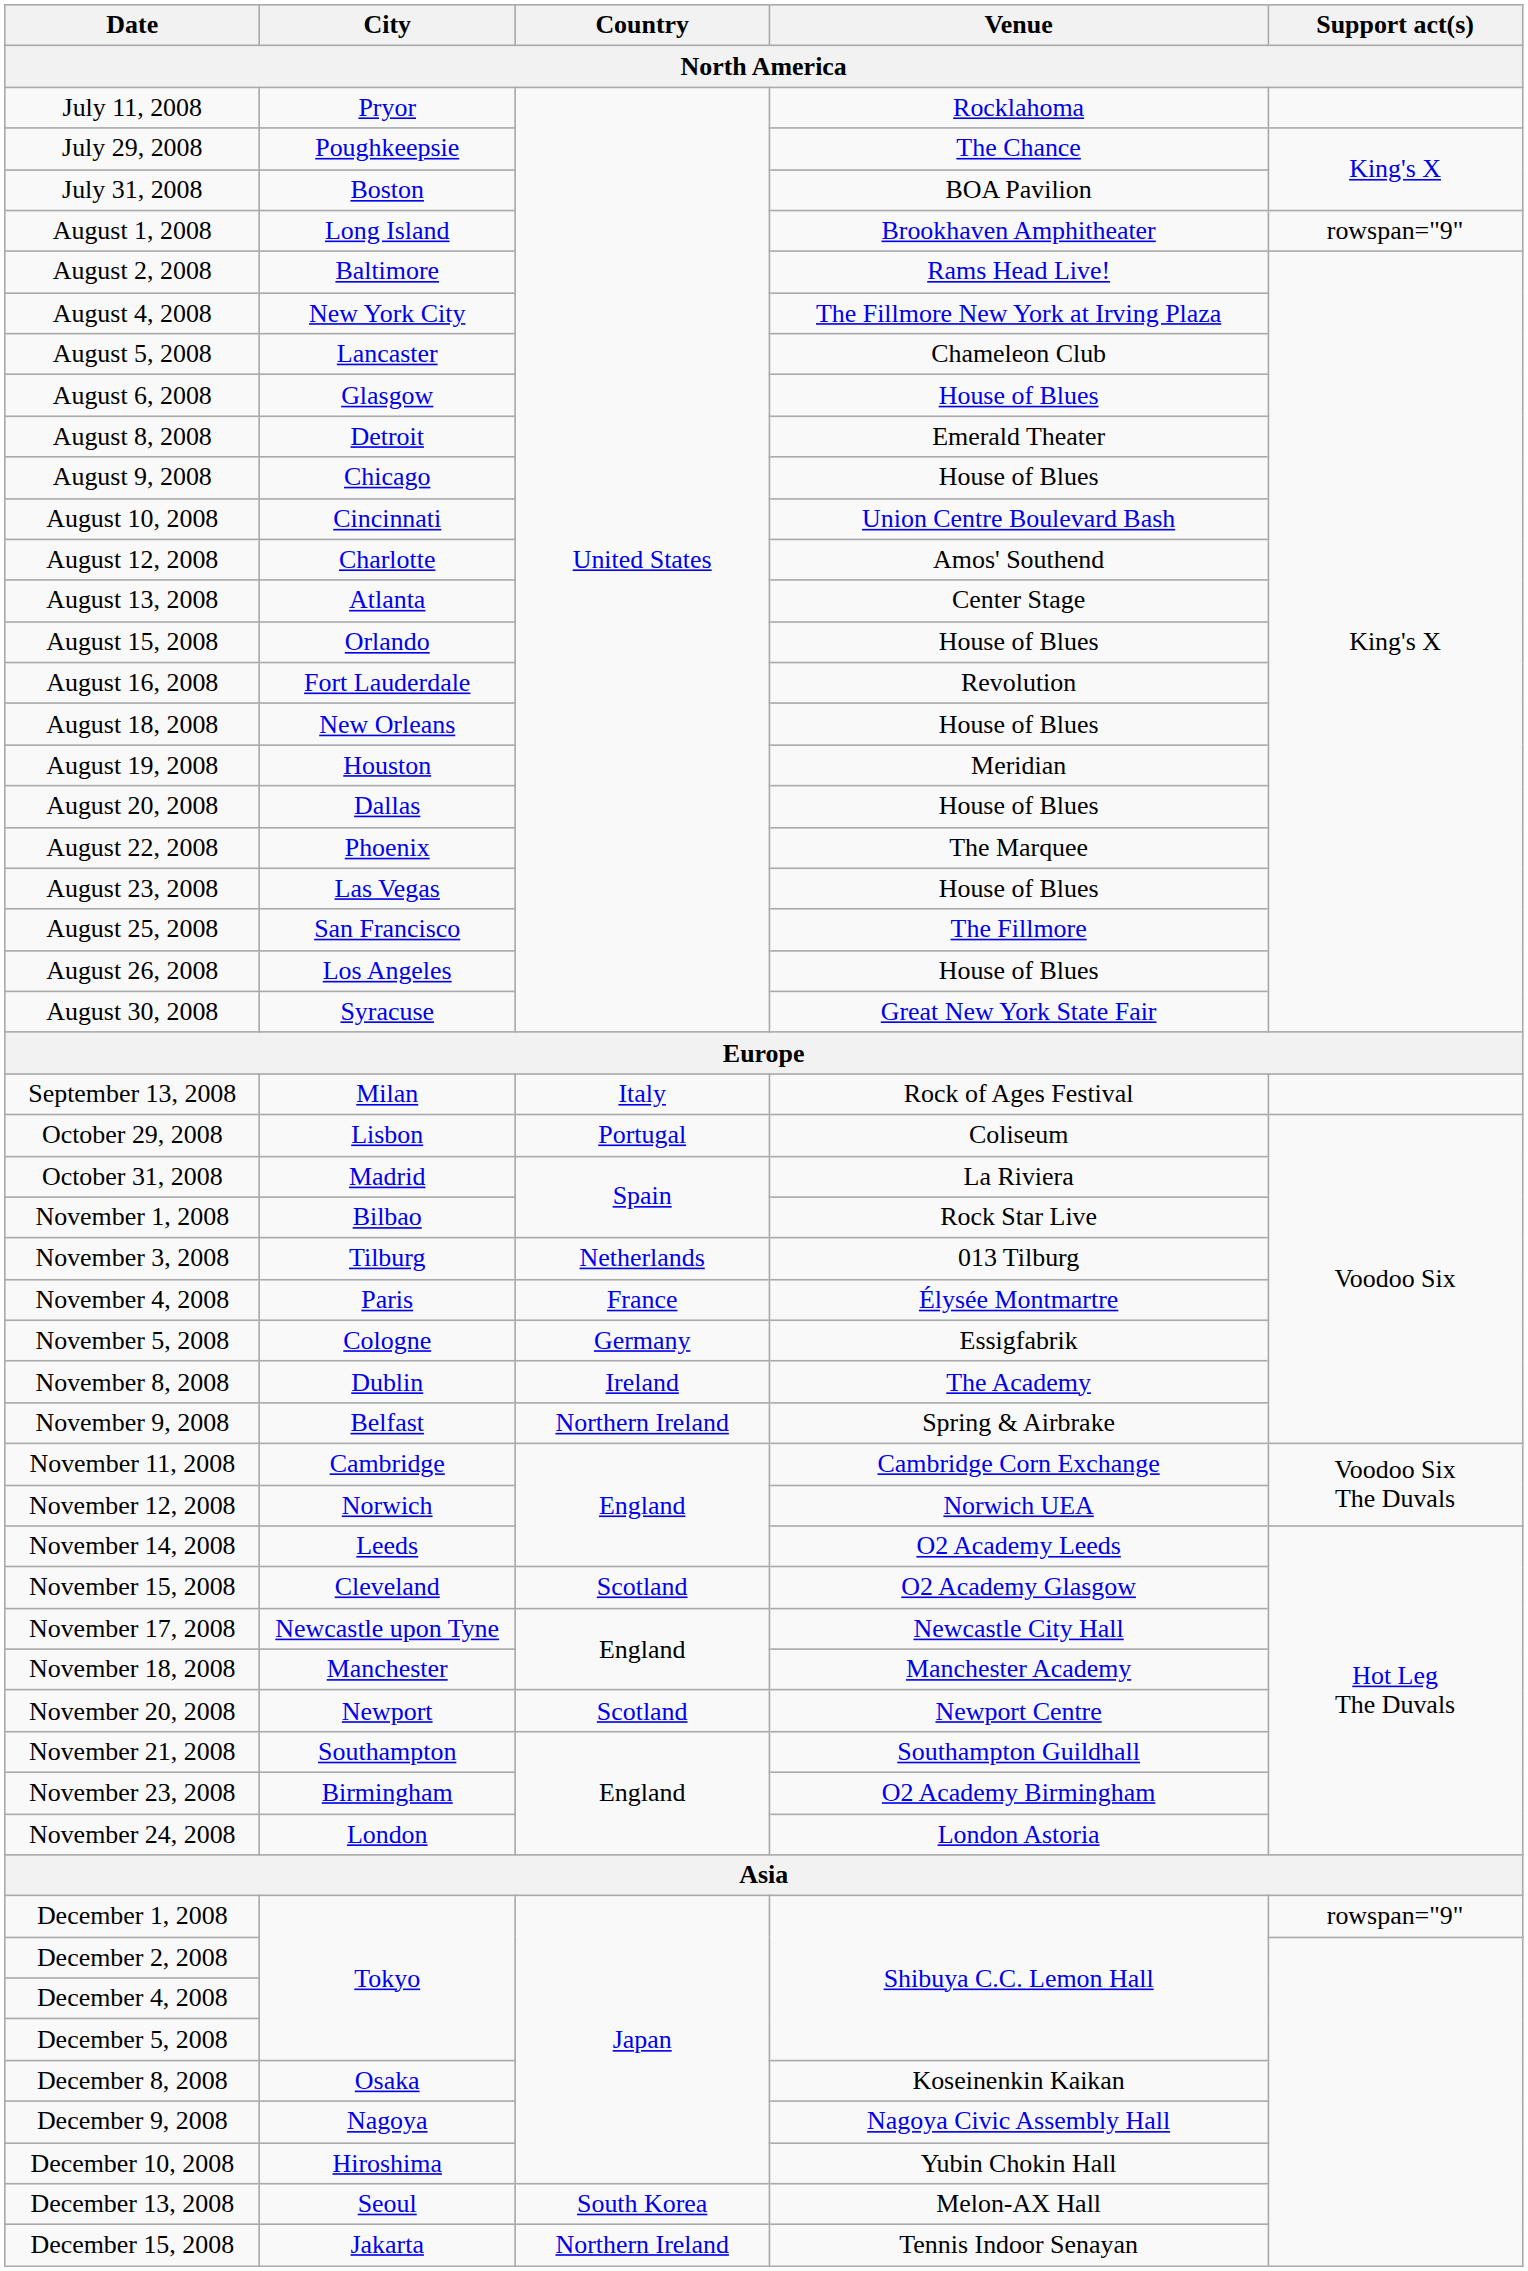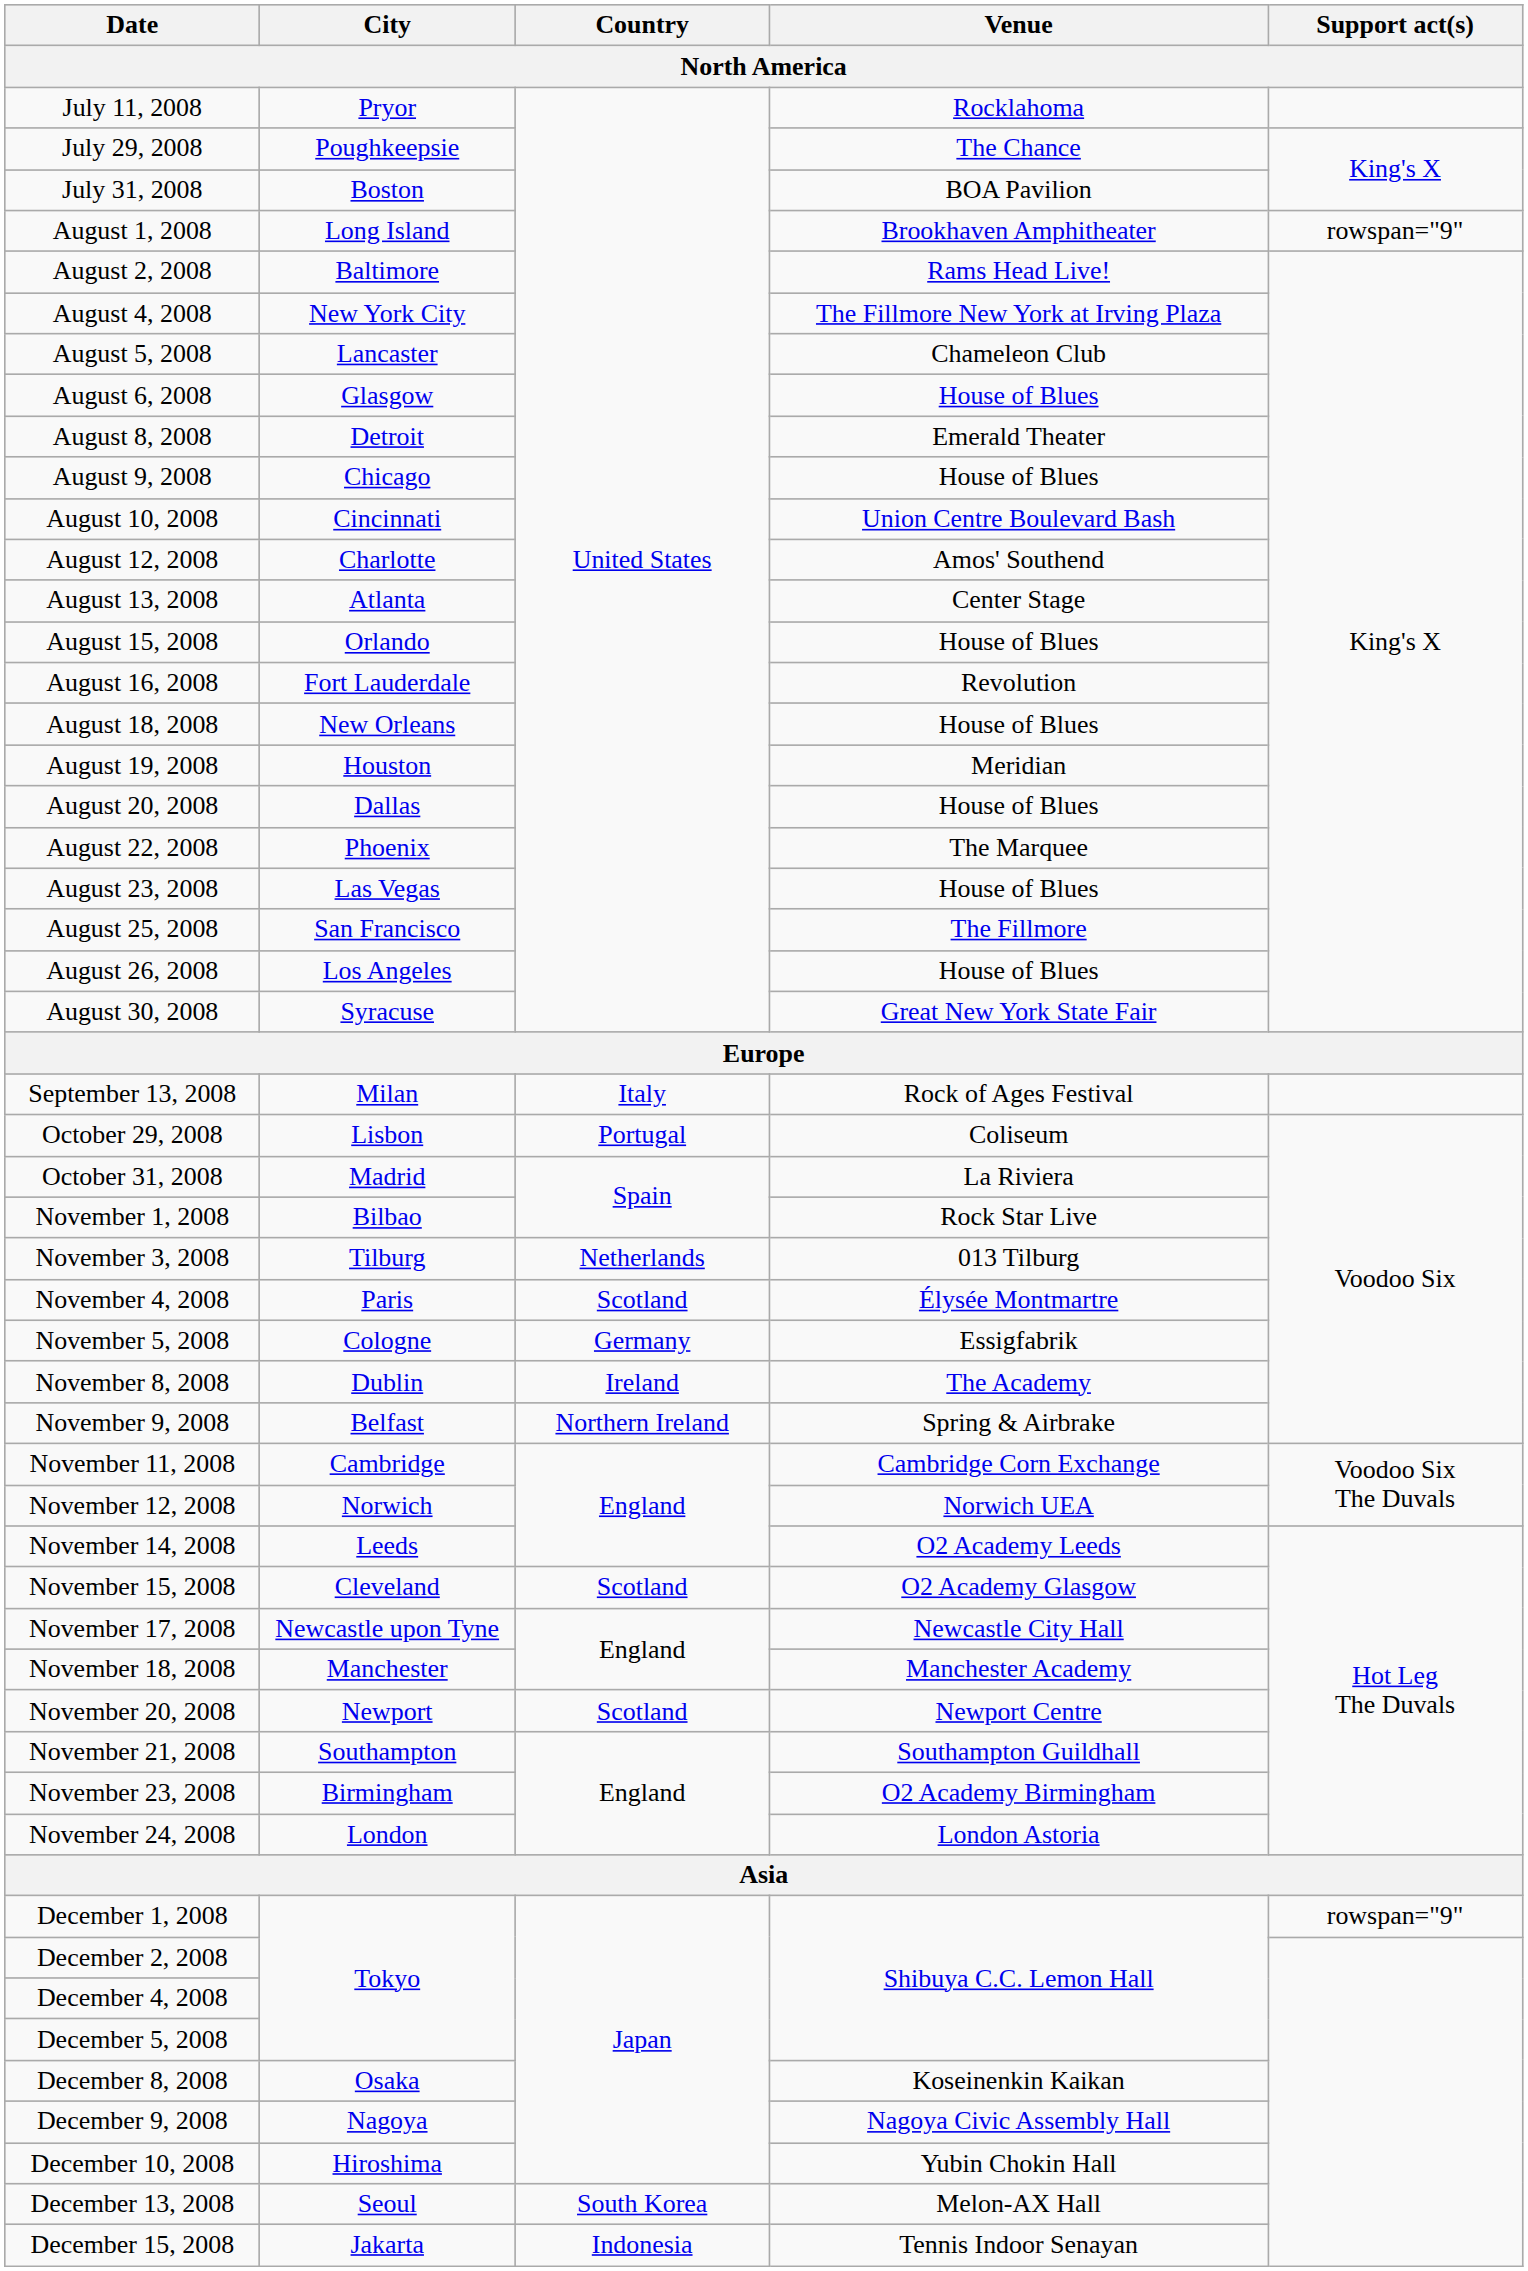 <table class="wikitable" style="text-align:center;">
 <tr>
 <th width="150">Date</th>
 <th width="150">City</th>
 <th width="150">Country</th>
 <th width="300">Venue</th>
 <th width="150">Support act(s)</th>
 </tr>
 <tr>
 <th colspan="5">North America</th>
 </tr>
 <tr>
 <td>July 11, 2008</td>
 <td><a href='#'>Pryor</a></td>
 <td rowspan="23"><a href='#'>United States</a></td>
 <td><a href='#'>Rocklahoma</a></td>
 <td></td>
 </tr>
 <tr>
 <td>July 29, 2008</td>
 <td><a href='#'>Poughkeepsie</a></td>
 <td><a href='#'>The Chance</a></td>
 <td rowspan="2"><a href='#'>King's X</a></td>
 </tr>
 <tr>
 <td>July 31, 2008</td>
 <td><a href='#'>Boston</a></td>
 <td>BOA Pavilion</td>
 </tr>
 <tr>
 <td>August 1, 2008</td>
 <td><a href='#'>Long Island</a></td>
 <td><a href='#'>Brookhaven Amphitheater</a></td>
 <td>rowspan="9" </td>
 </tr>
 <tr>
 <td>August 2, 2008</td>
 <td><a href='#'>Baltimore</a></td>
 <td><a href='#'>Rams Head Live!</a></td>
 <td rowspan="19">King's X</td>
 </tr>
 <tr>
 <td>August 4, 2008</td>
 <td><a href='#'>New York City</a></td>
 <td><a href='#'>The Fillmore New York at Irving Plaza</a></td>
 </tr>
 <tr>
 <td>August 5, 2008</td>
 <td><a href='#'>Lancaster</a></td>
 <td>Chameleon Club</td>
 </tr>
 <tr>
 <td>August 6, 2008</td>
 <td><a href='#'>Glasgow</a></td>
 <td><a href='#'>House of Blues</a></td>
 </tr>
 <tr>
 <td>August 8, 2008</td>
 <td><a href='#'>Detroit</a></td>
 <td>Emerald Theater</td>
 </tr>
 <tr>
 <td>August 9, 2008</td>
 <td><a href='#'>Chicago</a></td>
 <td>House of Blues</td>
 </tr>
 <tr>
 <td>August 10, 2008</td>
 <td><a href='#'>Cincinnati</a></td>
 <td><a href='#'>Union Centre Boulevard Bash</a></td>
 </tr>
 <tr>
 <td>August 12, 2008</td>
 <td><a href='#'>Charlotte</a></td>
 <td>Amos' Southend</td>
 </tr>
 <tr>
 <td>August 13, 2008</td>
 <td><a href='#'>Atlanta</a></td>
 <td>Center Stage</td>
 </tr>
 <tr>
 <td>August 15, 2008</td>
 <td><a href='#'>Orlando</a></td>
 <td>House of Blues</td>
 </tr>
 <tr>
 <td>August 16, 2008</td>
 <td><a href='#'>Fort Lauderdale</a></td>
 <td>Revolution</td>
 </tr>
 <tr>
 <td>August 18, 2008</td>
 <td><a href='#'>New Orleans</a></td>
 <td>House of Blues</td>
 </tr>
 <tr>
 <td>August 19, 2008</td>
 <td><a href='#'>Houston</a></td>
 <td>Meridian</td>
 </tr>
 <tr>
 <td>August 20, 2008</td>
 <td><a href='#'>Dallas</a></td>
 <td>House of Blues</td>
 </tr>
 <tr>
 <td>August 22, 2008</td>
 <td><a href='#'>Phoenix</a></td>
 <td>The Marquee</td>
 </tr>
 <tr>
 <td>August 23, 2008</td>
 <td><a href='#'>Las Vegas</a></td>
 <td>House of Blues</td>
 </tr>
 <tr>
 <td>August 25, 2008</td>
 <td><a href='#'>San Francisco</a></td>
 <td><a href='#'>The Fillmore</a></td>
 </tr>
 <tr>
 <td>August 26, 2008</td>
 <td><a href='#'>Los Angeles</a></td>
 <td>House of Blues</td>
 </tr>
 <tr>
 <td>August 30, 2008</td>
 <td><a href='#'>Syracuse</a></td>
 <td><a href='#'>Great New York State Fair</a></td>
 </tr>
 <tr>
 <th colspan="5">Europe</th>
 </tr>
 <tr>
 <td>September 13, 2008</td>
 <td><a href='#'>Milan</a></td>
 <td><a href='#'>Italy</a></td>
 <td>Rock of Ages Festival</td>
 <td></td>
 </tr>
 <tr>
 <td>October 29, 2008</td>
 <td><a href='#'>Lisbon</a></td>
 <td><a href='#'>Portugal</a></td>
 <td>Coliseum</td>
 <td rowspan="8">Voodoo Six</td>
 </tr>
 <tr>
 <td>October 31, 2008</td>
 <td><a href='#'>Madrid</a></td>
 <td rowspan="2"><a href='#'>Spain</a></td>
 <td>La Riviera</td>
 </tr>
 <tr>
 <td>November 1, 2008</td>
 <td><a href='#'>Bilbao</a></td>
 <td>Rock Star Live</td>
 </tr>
 <tr>
 <td>November 3, 2008</td>
 <td><a href='#'>Tilburg</a></td>
 <td><a href='#'>Netherlands</a></td>
 <td>013 Tilburg</td>
 </tr>
 <tr>
 <td>November 4, 2008</td>
 <td><a href='#'>Paris</a></td>
-<td><a href='#'>France</a></td>
+<td><a href='#'>Scotland</a></td>
 <td><a href='#'>Élysée Montmartre</a></td>
 </tr>
 <tr>
 <td>November 5, 2008</td>
 <td><a href='#'>Cologne</a></td>
 <td><a href='#'>Germany</a></td>
 <td>Essigfabrik</td>
 </tr>
 <tr>
 <td>November 8, 2008</td>
 <td><a href='#'>Dublin</a></td>
 <td><a href='#'>Ireland</a></td>
 <td><a href='#'>The Academy</a></td>
 </tr>
 <tr>
 <td>November 9, 2008</td>
 <td><a href='#'>Belfast</a></td>
 <td><a href='#'>Northern Ireland</a></td>
 <td>Spring & Airbrake</td>
 </tr>
 <tr>
 <td>November 11, 2008</td>
 <td><a href='#'>Cambridge</a></td>
 <td rowspan="3"><a href='#'>England</a></td>
 <td><a href='#'>Cambridge Corn Exchange</a></td>
 <td rowspan="2">Voodoo Six<br>The Duvals</td>
 </tr>
 <tr>
 <td>November 12, 2008</td>
 <td><a href='#'>Norwich</a></td>
 <td><a href='#'>Norwich UEA</a></td>
 </tr>
 <tr>
 <td>November 14, 2008</td>
 <td><a href='#'>Leeds</a></td>
 <td><a href='#'>O2 Academy Leeds</a></td>
 <td rowspan="8"><a href='#'>Hot Leg</a><br>The Duvals</td>
 </tr>
 <tr>
 <td>November 15, 2008</td>
 <td><a href='#'>Cleveland</a></td>
 <td><a href='#'>Scotland</a></td>
 <td><a href='#'>O2 Academy Glasgow</a></td>
 </tr>
 <tr>
 <td>November 17, 2008</td>
 <td><a href='#'>Newcastle upon Tyne</a></td>
 <td rowspan="2">England</td>
 <td><a href='#'>Newcastle City Hall</a></td>
 </tr>
 <tr>
 <td>November 18, 2008</td>
 <td><a href='#'>Manchester</a></td>
 <td><a href='#'>Manchester Academy</a></td>
 </tr>
 <tr>
 <td>November 20, 2008</td>
 <td><a href='#'>Newport</a></td>
 <td><a href='#'>Scotland</a></td>
 <td><a href='#'>Newport Centre</a></td>
 </tr>
 <tr>
 <td>November 21, 2008</td>
 <td><a href='#'>Southampton</a></td>
 <td rowspan="3">England</td>
 <td><a href='#'>Southampton Guildhall</a></td>
 </tr>
 <tr>
 <td>November 23, 2008</td>
 <td><a href='#'>Birmingham</a></td>
 <td><a href='#'>O2 Academy Birmingham</a></td>
 </tr>
 <tr>
 <td>November 24, 2008</td>
 <td><a href='#'>London</a></td>
 <td><a href='#'>London Astoria</a></td>
 </tr>
 <tr>
 <th colspan="5">Asia</th>
 </tr>
 <tr>
 <td>December 1, 2008</td>
 <td rowspan="4"><a href='#'>Tokyo</a></td>
 <td rowspan="7"><a href='#'>Japan</a></td>
 <td rowspan="4"><a href='#'>Shibuya C.C. Lemon Hall</a></td>
 <td>rowspan="9" </td>
 </tr>
 <tr>
 <td>December 2, 2008</td>
 </tr>
 <tr>
 <td>December 4, 2008</td>
 </tr>
 <tr>
 <td>December 5, 2008</td>
 </tr>
 <tr>
 <td>December 8, 2008</td>
 <td><a href='#'>Osaka</a></td>
 <td>Koseinenkin Kaikan</td>
 </tr>
 <tr>
 <td>December 9, 2008</td>
 <td><a href='#'>Nagoya</a></td>
 <td><a href='#'>Nagoya Civic Assembly Hall</a></td>
 </tr>
 <tr>
 <td>December 10, 2008</td>
 <td><a href='#'>Hiroshima</a></td>
 <td>Yubin Chokin Hall</td>
 </tr>
 <tr>
 <td>December 13, 2008</td>
 <td><a href='#'>Seoul</a></td>
 <td><a href='#'>South Korea</a></td>
 <td>Melon-AX Hall</td>
 </tr>
 <tr>
 <td>December 15, 2008</td>
 <td><a href='#'>Jakarta</a></td>
-<td><a href='#'>Northern Ireland</a></td>
+<td><a href='#'>Indonesia</a></td>
 <td>Tennis Indoor Senayan</td>
 </tr>
 </table>
